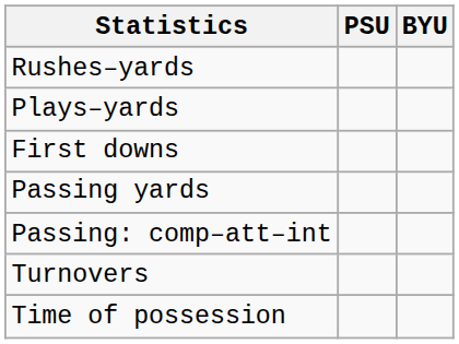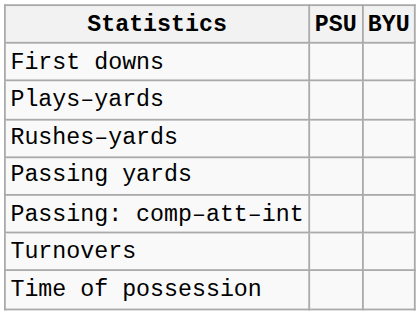 <table class="wikitable" style="float:left">
 <tr>
 <th>Statistics</th>
 <th>PSU</th>
 <th>BYU</th>
 </tr>
 <tr>
-<td>Rushes–yards</td>
+<td>First downs</td>
 <td></td>
 <td></td>
 </tr>
 <tr>
 <td>Plays–yards</td>
 <td></td>
 <td></td>
 </tr>
 <tr>
-<td>First downs</td>
+<td>Rushes–yards</td>
 <td></td>
 <td></td>
 </tr>
 <tr>
 <td>Passing yards</td>
 <td></td>
 <td></td>
 </tr>
 <tr>
 <td>Passing: comp–att–int</td>
 <td></td>
 <td></td>
 </tr>
 <tr>
 <td>Turnovers</td>
 <td></td>
 <td></td>
 </tr>
 <tr>
 <td>Time of possession</td>
 <td></td>
 <td></td>
 </tr>
 </table>
